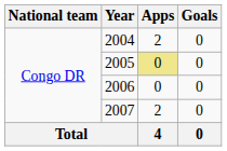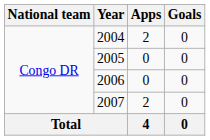 <table class="wikitable" style="text-align:center">
 <tr>
 <th>National team</th>
 <th>Year</th>
 <th>Apps</th>
 <th>Goals</th>
 </tr>
 <tr>
 <td rowspan="4"><a href='#'>Congo DR</a></td>
 <td>2004</td>
 <td>2</td>
 <td>0</td>
 </tr>
 <tr>
 <td>2005</td>
-<td style="background: khaki;">0</td>
+<td>0</td>
 <td>0</td>
 </tr>
 <tr>
 <td>2006</td>
 <td>0</td>
 <td>0</td>
 </tr>
 <tr>
 <td>2007</td>
 <td>2</td>
 <td>0</td>
 </tr>
 <tr>
 <th colspan="2">Total</th>
 <th>4</th>
 <th>0</th>
 </tr>
 </table>
